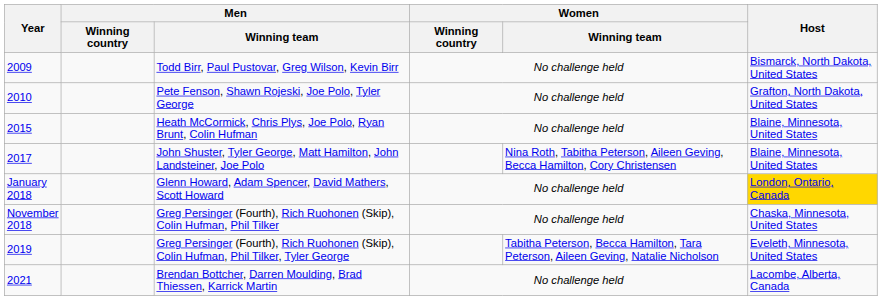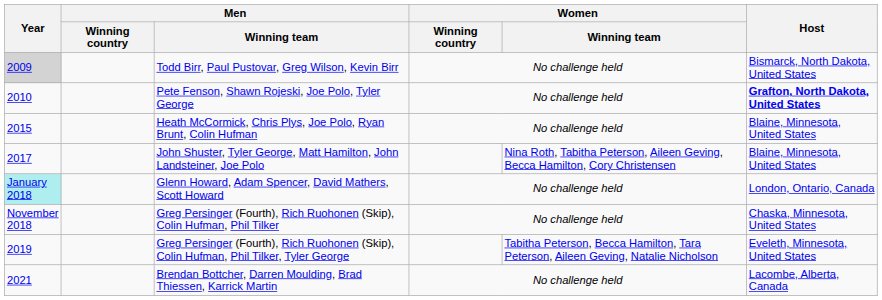 <table class="wikitable">
 <tr>
 <th rowspan="2">Year</th>
 <th colspan="2">Men</th>
 <th colspan="2">Women</th>
 <th rowspan="2">Host</th>
 </tr>
 <tr>
 <th width=125px>Winning country</th>
 <th>Winning team</th>
 <th width=125px>Winning country</th>
 <th>Winning team</th>
 </tr>
 <tr>
-<td><a href='#'>2009</a></td>
+<td style="background: lightgrey;"><a href='#'>2009</a></td>
 <td></td>
 <td><a href='#'>Todd Birr</a>, <a href='#'>Paul Pustovar</a>, <a href='#'>Greg Wilson</a>, <a href='#'>Kevin Birr</a></td>
 <td colspan="2" style="text-align: center;"><em>No challenge held</em></td>
 <td><a href='#'>Bismarck, North Dakota, United States</a></td>
 </tr>
 <tr>
 <td><a href='#'>2010</a></td>
 <td></td>
 <td><a href='#'>Pete Fenson</a>, <a href='#'>Shawn Rojeski</a>, <a href='#'>Joe Polo</a>, <a href='#'>Tyler George</a></td>
 <td colspan="2" style="text-align: center;"><em>No challenge held</em></td>
-<td><a href='#'>Grafton, North Dakota, United States</a></td>
+<td><strong><a href='#'>Grafton, North Dakota, United States</a></strong></td>
 </tr>
 <tr>
 <td><a href='#'>2015</a></td>
 <td></td>
 <td><a href='#'>Heath McCormick</a>, <a href='#'>Chris Plys</a>, <a href='#'>Joe Polo</a>, <a href='#'>Ryan Brunt</a>, <a href='#'>Colin Hufman</a></td>
 <td colspan="2" style="text-align: center;"><em>No challenge held</em></td>
 <td><a href='#'>Blaine, Minnesota, United States</a></td>
 </tr>
 <tr>
 <td><a href='#'>2017</a></td>
 <td></td>
 <td><a href='#'>John Shuster</a>, <a href='#'>Tyler George</a>, <a href='#'>Matt Hamilton</a>, <a href='#'>John Landsteiner</a>, <a href='#'>Joe Polo</a></td>
 <td></td>
 <td><a href='#'>Nina Roth</a>, <a href='#'>Tabitha Peterson</a>, <a href='#'>Aileen Geving</a>, <a href='#'>Becca Hamilton</a>, <a href='#'>Cory Christensen</a></td>
 <td><a href='#'>Blaine, Minnesota, United States</a></td>
 </tr>
 <tr>
-<td><a href='#'>January<br>2018</a></td>
+<td style="background: paleturquoise;"><a href='#'>January<br>2018</a></td>
 <td></td>
 <td><a href='#'>Glenn Howard</a>, <a href='#'>Adam Spencer</a>, <a href='#'>David Mathers</a>, <a href='#'>Scott Howard</a></td>
 <td colspan="2" style="text-align: center;"><em>No challenge held</em></td>
-<td style="background: gold;"><a href='#'>London, Ontario, Canada</a></td>
+<td><a href='#'>London, Ontario, Canada</a></td>
 </tr>
 <tr>
 <td><a href='#'>November<br>2018</a></td>
 <td></td>
 <td><a href='#'>Greg Persinger</a> (Fourth), <a href='#'>Rich Ruohonen</a> (Skip), <a href='#'>Colin Hufman</a>, <a href='#'>Phil Tilker</a></td>
 <td colspan="2" style="text-align: center;"><em>No challenge held</em></td>
 <td><a href='#'>Chaska, Minnesota, United States</a></td>
 </tr>
 <tr>
 <td><a href='#'>2019</a></td>
 <td></td>
 <td><a href='#'>Greg Persinger</a> (Fourth), <a href='#'>Rich Ruohonen</a> (Skip), <a href='#'>Colin Hufman</a>, <a href='#'>Phil Tilker</a>, <a href='#'>Tyler George</a></td>
 <td></td>
 <td><a href='#'>Tabitha Peterson</a>, <a href='#'>Becca Hamilton</a>, <a href='#'>Tara Peterson</a>, <a href='#'>Aileen Geving</a>, <a href='#'>Natalie Nicholson</a></td>
 <td><a href='#'>Eveleth, Minnesota, United States</a></td>
 </tr>
 <tr>
 <td><a href='#'>2021</a></td>
 <td></td>
 <td><a href='#'>Brendan Bottcher</a>, <a href='#'>Darren Moulding</a>, <a href='#'>Brad Thiessen</a>, <a href='#'>Karrick Martin</a></td>
 <td colspan="2" style="text-align: center;"><em>No challenge held</em></td>
 <td><a href='#'>Lacombe, Alberta, Canada</a></td>
 </tr>
 </table>
